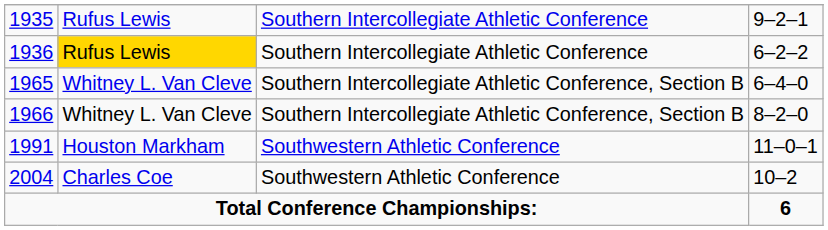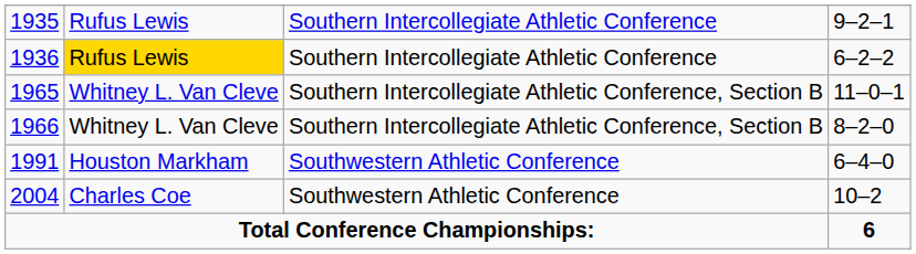 <table class="wikitable">
 <tr>
 </tr>
 <tr>
 <td><a href='#'>1935</a></td>
 <td><a href='#'>Rufus Lewis</a></td>
 <td><a href='#'>Southern Intercollegiate Athletic Conference</a></td>
 <td>9–2–1</td>
 </tr>
 <tr>
 <td><a href='#'>1936</a></td>
 <td style="background: gold;">Rufus Lewis</td>
 <td>Southern Intercollegiate Athletic Conference</td>
 <td>6–2–2</td>
 </tr>
 <tr>
 <td><a href='#'>1965</a></td>
 <td><a href='#'>Whitney L. Van Cleve</a></td>
 <td>Southern Intercollegiate Athletic Conference, Section B</td>
-<td>6–4–0</td>
+<td>11–0–1</td>
 </tr>
 <tr>
 <td><a href='#'>1966</a></td>
 <td>Whitney L. Van Cleve</td>
 <td>Southern Intercollegiate Athletic Conference, Section B</td>
 <td>8–2–0</td>
 </tr>
 <tr>
 <td><a href='#'>1991</a></td>
 <td><a href='#'>Houston Markham</a></td>
 <td><a href='#'>Southwestern Athletic Conference</a></td>
-<td>11–0–1</td>
+<td>6–4–0</td>
 </tr>
 <tr>
 <td><a href='#'>2004</a></td>
 <td><a href='#'>Charles Coe</a></td>
 <td>Southwestern Athletic Conference</td>
 <td>10–2</td>
 </tr>
 <tr align="center">
 <td colspan=3><strong>Total Conference Championships:</strong></td>
 <td colspan=2><strong>6</strong></td>
 </tr>
 </table>
